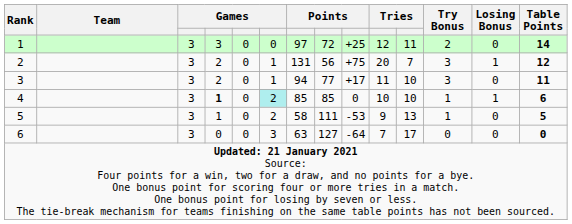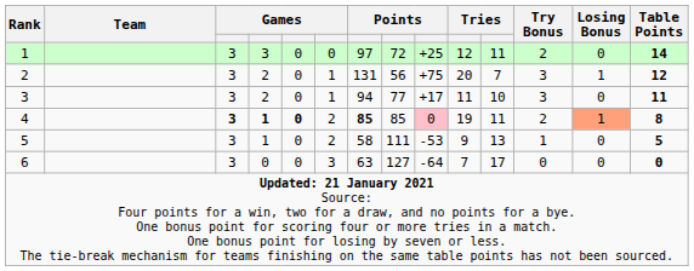 <table class="wikitable"  style="text-align: center;">
 <tr>
 <th rowspan="2" width="20">Rank</th>
 <th rowspan="2" width="160">Team</th>
 <th colspan="4">Games</th>
 <th colspan="3">Points</th>
 <th colspan="2">Tries</th>
 <th rowspan="2" width="50">Try Bonus</th>
 <th rowspan="2" width="50">Losing Bonus</th>
 <th rowspan="2" width="50">Table Points</th>
 </tr>
 <tr>
 <th style="width:2em"></th>
 <th style="width:2em"></th>
 <th style="width:2em"></th>
 <th style="width:2em"></th>
 <th style="width:2em"></th>
 <th style="width:2em"></th>
 <th style="width:2em"></th>
 <th style="width:2em"></th>
 <th style="width:2em"></th>
 </tr>
 <tr bgcolor="#ccffcc">
 <td>1</td>
 <td align=left></td>
 <td>3</td>
 <td>3</td>
 <td>0</td>
 <td>0</td>
 <td>97</td>
 <td>72</td>
 <td>+25</td>
 <td>12</td>
 <td>11</td>
 <td>2</td>
 <td>0</td>
 <td><strong>14</strong></td>
 </tr>
 <tr>
 <td>2</td>
 <td align=left></td>
 <td>3</td>
 <td>2</td>
 <td>0</td>
 <td>1</td>
 <td>131</td>
 <td>56</td>
 <td>+75</td>
 <td>20</td>
 <td>7</td>
 <td>3</td>
 <td>1</td>
 <td><strong>12</strong></td>
 </tr>
 <tr>
 <td>3</td>
 <td align=left></td>
 <td>3</td>
 <td>2</td>
 <td>0</td>
 <td>1</td>
 <td>94</td>
 <td>77</td>
 <td>+17</td>
 <td>11</td>
 <td>10</td>
 <td>3</td>
 <td>0</td>
 <td><strong>11</strong></td>
 </tr>
 <tr>
 <td>4</td>
 <td align=left></td>
-<td>3</td>
+<td><strong>3</strong></td>
 <td><strong>1</strong></td>
-<td>0</td>
-<td style="background: paleturquoise;">2</td>
+<td><strong>0</strong></td>
+<td>2</td>
+<td><strong>85</strong></td>
 <td>85</td>
-<td>85</td>
-<td>0</td>
-<td>10</td>
-<td>10</td>
-<td>1</td>
-<td>1</td>
-<td><strong>6</strong></td>
+<td style="background: pink;">0</td>
+<td>19</td>
+<td>11</td>
+<td>2</td>
+<td style="background: lightsalmon;">1</td>
+<td><strong>8</strong></td>
 </tr>
 <tr>
 <td>5</td>
 <td align=left></td>
 <td>3</td>
 <td>1</td>
 <td>0</td>
 <td>2</td>
 <td>58</td>
 <td>111</td>
 <td>-53</td>
 <td>9</td>
 <td>13</td>
 <td>1</td>
 <td>0</td>
 <td><strong>5</strong></td>
 </tr>
 <tr>
 <td>6</td>
 <td align=left></td>
 <td>3</td>
 <td>0</td>
 <td>0</td>
 <td>3</td>
 <td>63</td>
 <td>127</td>
 <td>-64</td>
 <td>7</td>
 <td>17</td>
 <td>0</td>
 <td>0</td>
 <td><strong>0</strong></td>
 </tr>
 <tr>
 <td colspan="100%" style="border:0; row-height:108%; font-size:90%"><strong>Updated: 21 January 2021</strong><br>Source: <br>Four points for a win, two for a draw, and no points for a bye.<br>One bonus point for scoring four or more tries in a match.<br> One bonus point for losing by seven or less.<br>The tie-break mechanism for teams finishing on the same table points has not been sourced.</td>
 </tr>
 </table>
